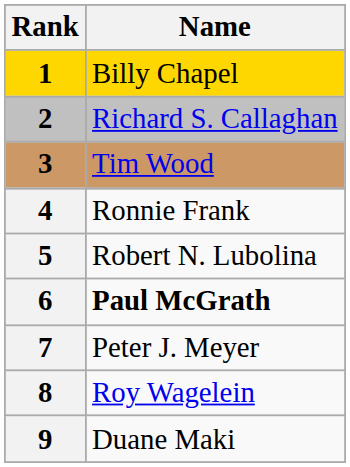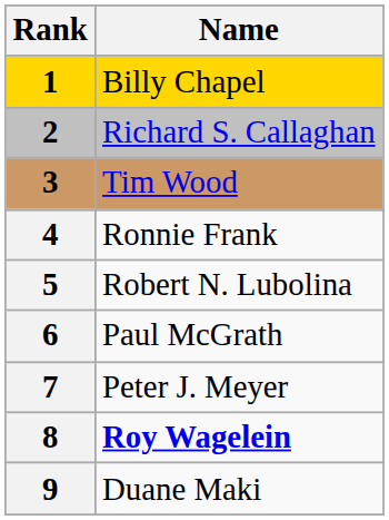 <table class="wikitable">
 <tr>
 <th>Rank</th>
 <th>Name</th>
 </tr>
 <tr bgcolor="gold">
 <td align="center"><strong>1</strong></td>
 <td>Billy Chapel</td>
 </tr>
 <tr bgcolor="silver">
 <td align="center"><strong>2</strong></td>
 <td><a href='#'>Richard S. Callaghan</a></td>
 </tr>
 <tr bgcolor="cc9966">
 <td align="center"><strong>3</strong></td>
 <td><a href='#'>Tim Wood</a></td>
 </tr>
 <tr bgcolor="d1c571">
 </tr>
 <tr>
 <th>4</th>
 <td>Ronnie Frank</td>
 </tr>
 <tr>
 <th>5</th>
 <td>Robert N. Lubolina</td>
 </tr>
 <tr>
 <th>6</th>
-<td><strong>Paul McGrath</strong></td>
+<td>Paul McGrath</td>
 </tr>
 <tr>
 <th>7</th>
 <td>Peter J. Meyer</td>
 </tr>
 <tr>
 <th>8</th>
-<td><a href='#'>Roy Wagelein</a></td>
+<td><strong><a href='#'>Roy Wagelein</a></strong></td>
 </tr>
 <tr>
 <th>9</th>
 <td>Duane Maki</td>
 </tr>
 </table>
